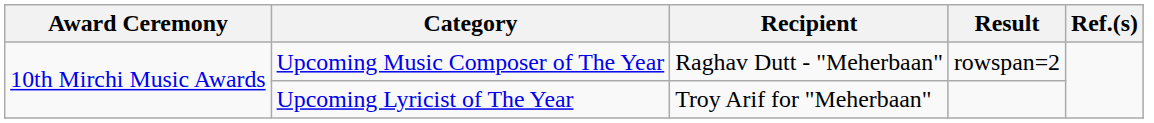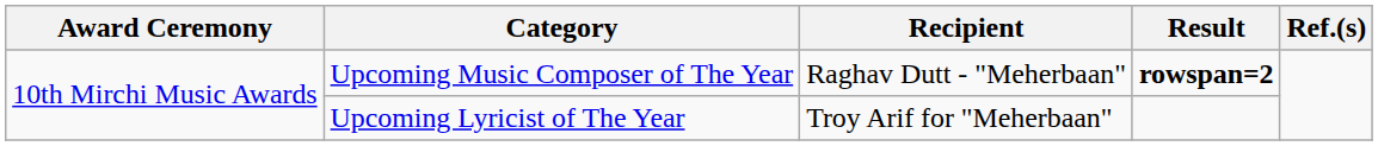 <table class="wikitable">
 <tr>
 <th>Award Ceremony</th>
 <th>Category</th>
 <th>Recipient</th>
 <th>Result</th>
 <th>Ref.(s)</th>
 </tr>
 <tr>
 <td rowspan=2><a href='#'>10th Mirchi Music Awards</a></td>
 <td><a href='#'>Upcoming Music Composer of The Year</a></td>
 <td>Raghav Dutt - "Meherbaan"</td>
-<td>rowspan=2 </td>
+<td><strong>rowspan=2 </strong></td>
 <td rowspan=2></td>
 </tr>
 <tr>
 <td><a href='#'>Upcoming Lyricist of The Year</a></td>
 <td>Troy Arif for "Meherbaan"</td>
 </tr>
 </table>
